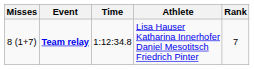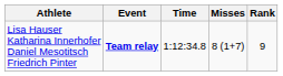 <table class="wikitable" style="font-size:90%">
 <tr>
-<th>Misses</th>
+<th>Athlete</th>
 <th>Event</th>
 <th>Time</th>
-<th>Athlete</th>
+<th>Misses</th>
 <th>Rank</th>
 </tr>
 <tr align=center>
-<td>8 (1+7)</td>
+<td align=left><a href='#'>Lisa Hauser</a><br><a href='#'>Katharina Innerhofer</a><br><a href='#'>Daniel Mesotitsch</a><br><a href='#'>Friedrich Pinter</a></td>
 <td align=left><strong><a href='#'>Team relay</a></strong></td>
 <td>1:12:34.8</td>
-<td align=left><a href='#'>Lisa Hauser</a><br><a href='#'>Katharina Innerhofer</a><br><a href='#'>Daniel Mesotitsch</a><br><a href='#'>Friedrich Pinter</a></td>
-<td>7</td>
+<td>8 (1+7)</td>
+<td>9</td>
 </tr>
 </table>
